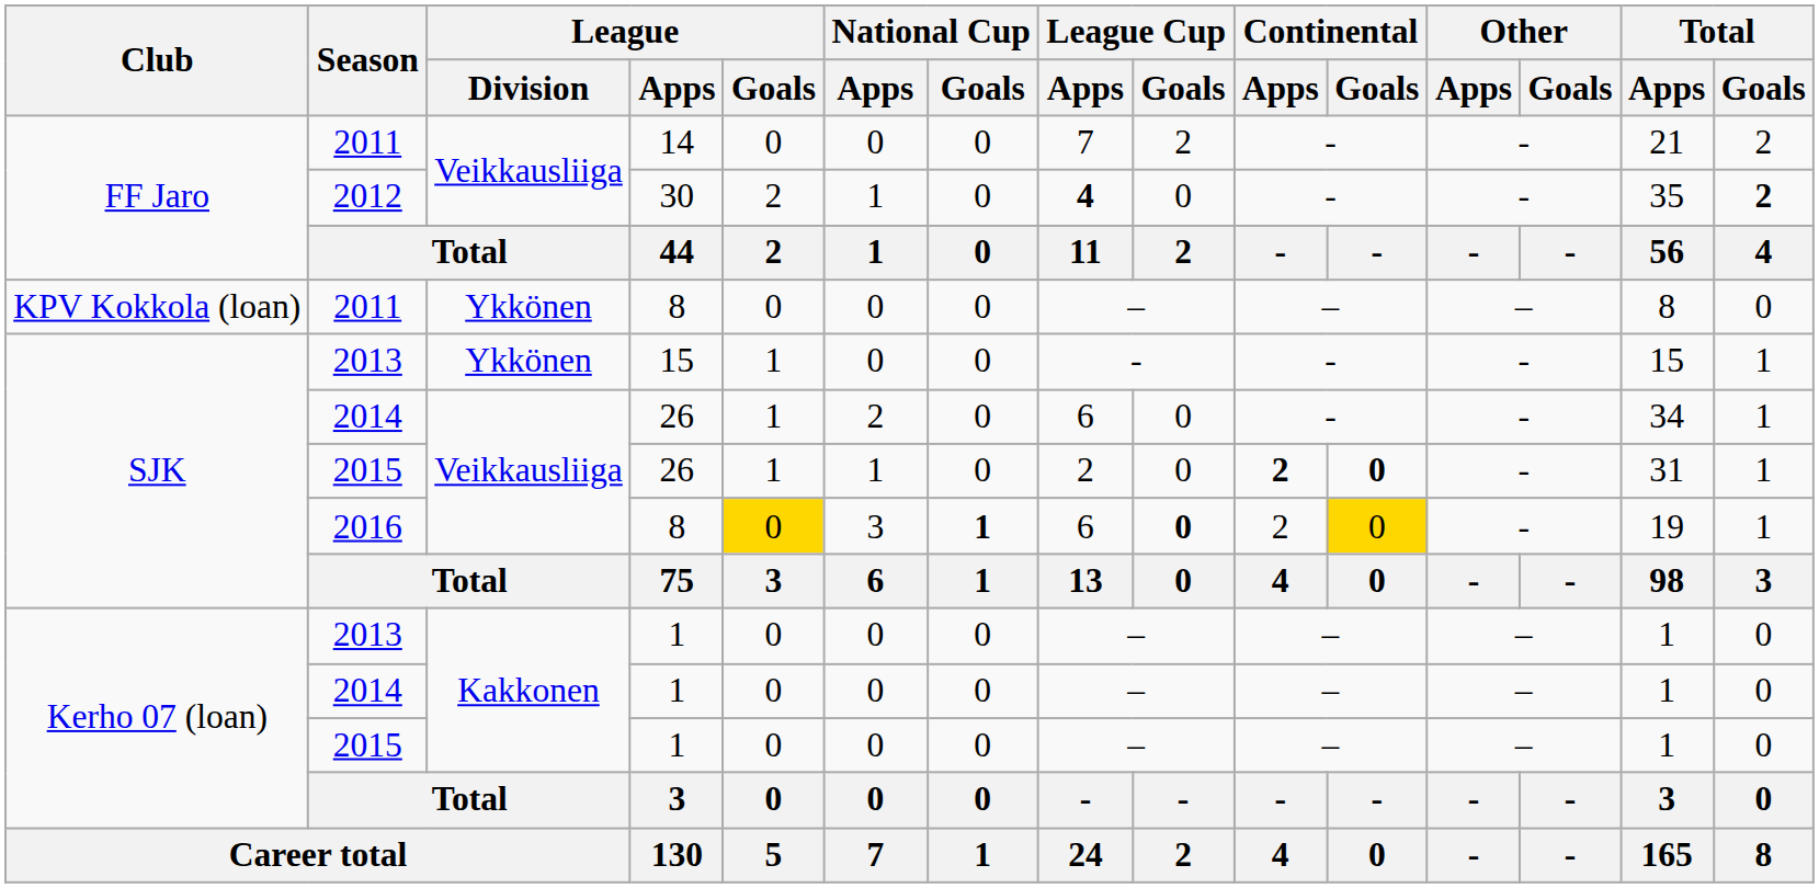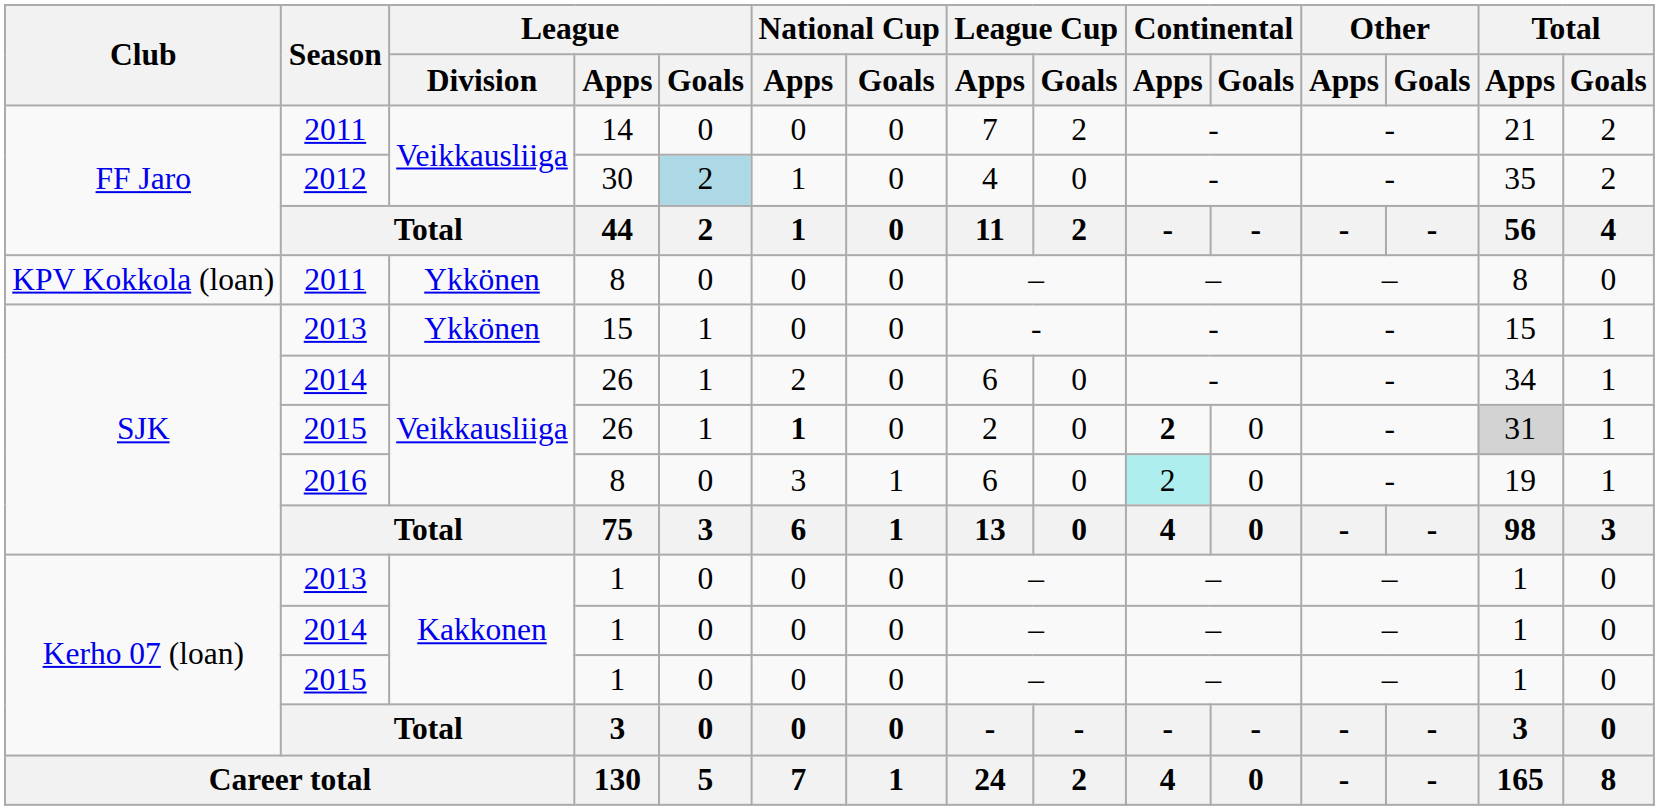 <table class="wikitable" style="text-align: center;">
 <tr>
 <th rowspan="2">Club</th>
 <th rowspan="2">Season</th>
 <th colspan="3">League</th>
 <th colspan="2">National Cup</th>
 <th colspan="2">League Cup</th>
 <th colspan="2">Continental</th>
 <th colspan="2">Other</th>
 <th colspan="2">Total</th>
 </tr>
 <tr>
 <th>Division</th>
 <th>Apps</th>
 <th>Goals</th>
 <th>Apps</th>
 <th>Goals</th>
 <th>Apps</th>
 <th>Goals</th>
 <th>Apps</th>
 <th>Goals</th>
 <th>Apps</th>
 <th>Goals</th>
 <th>Apps</th>
 <th>Goals</th>
 </tr>
 <tr>
 <td rowspan="3" valign="center"><a href='#'>FF Jaro</a></td>
 <td><a href='#'>2011</a></td>
 <td rowspan="2" valign="center"><a href='#'>Veikkausliiga</a></td>
 <td>14</td>
 <td>0</td>
 <td>0</td>
 <td>0</td>
 <td>7</td>
 <td>2</td>
 <td colspan="2">-</td>
 <td colspan="2">-</td>
 <td>21</td>
 <td>2</td>
 </tr>
 <tr>
 <td><a href='#'>2012</a></td>
 <td>30</td>
-<td>2</td>
+<td style="background: lightblue;">2</td>
 <td>1</td>
 <td>0</td>
-<td><strong>4</strong></td>
+<td>4</td>
 <td>0</td>
 <td colspan="2">-</td>
 <td colspan="2">-</td>
 <td>35</td>
-<td><strong>2</strong></td>
+<td>2</td>
 </tr>
 <tr>
 <th colspan="2">Total</th>
 <th>44</th>
 <th>2</th>
 <th>1</th>
 <th>0</th>
 <th>11</th>
 <th>2</th>
 <th>-</th>
 <th>-</th>
 <th>-</th>
 <th>-</th>
 <th>56</th>
 <th>4</th>
 </tr>
 <tr>
 <td valign="center"><a href='#'>KPV Kokkola</a> (loan)</td>
 <td><a href='#'>2011</a></td>
 <td><a href='#'>Ykkönen</a></td>
 <td>8</td>
 <td>0</td>
 <td>0</td>
 <td>0</td>
 <td colspan="2">–</td>
 <td colspan="2">–</td>
 <td colspan="2">–</td>
 <td>8</td>
 <td>0</td>
 </tr>
 <tr>
 <td rowspan="5" valign="center"><a href='#'>SJK</a></td>
 <td><a href='#'>2013</a></td>
 <td><a href='#'>Ykkönen</a></td>
 <td>15</td>
 <td>1</td>
 <td>0</td>
 <td>0</td>
 <td colspan="2">-</td>
 <td colspan="2">-</td>
 <td colspan="2">-</td>
 <td>15</td>
 <td>1</td>
 </tr>
 <tr>
 <td><a href='#'>2014</a></td>
 <td rowspan="3" valign="center"><a href='#'>Veikkausliiga</a></td>
 <td>26</td>
 <td>1</td>
 <td>2</td>
 <td>0</td>
 <td>6</td>
 <td>0</td>
 <td colspan="2">-</td>
 <td colspan="2">-</td>
 <td>34</td>
 <td>1</td>
 </tr>
 <tr>
 <td><a href='#'>2015</a></td>
 <td>26</td>
 <td>1</td>
-<td>1</td>
+<td><strong>1</strong></td>
 <td>0</td>
 <td>2</td>
 <td>0</td>
 <td><strong>2</strong></td>
-<td><strong>0</strong></td>
+<td>0</td>
 <td colspan="2">-</td>
-<td>31</td>
+<td style="background: lightgrey;">31</td>
 <td>1</td>
 </tr>
 <tr>
 <td><a href='#'>2016</a></td>
 <td>8</td>
-<td style="background: gold;">0</td>
+<td>0</td>
 <td>3</td>
-<td><strong>1</strong></td>
+<td>1</td>
 <td>6</td>
-<td><strong>0</strong></td>
-<td>2</td>
-<td style="background: gold;">0</td>
+<td>0</td>
+<td style="background: paleturquoise;">2</td>
+<td>0</td>
 <td colspan="2">-</td>
 <td>19</td>
 <td>1</td>
 </tr>
 <tr>
 <th colspan="2">Total</th>
 <th>75</th>
 <th>3</th>
 <th>6</th>
 <th>1</th>
 <th>13</th>
 <th>0</th>
 <th>4</th>
 <th>0</th>
 <th>-</th>
 <th>-</th>
 <th>98</th>
 <th>3</th>
 </tr>
 <tr>
 <td rowspan="4" valign="center"><a href='#'>Kerho 07</a> (loan)</td>
 <td><a href='#'>2013</a></td>
 <td rowspan="3" valign="center"><a href='#'>Kakkonen</a></td>
 <td>1</td>
 <td>0</td>
 <td>0</td>
 <td>0</td>
 <td colspan="2">–</td>
 <td colspan="2">–</td>
 <td colspan="2">–</td>
 <td>1</td>
 <td>0</td>
 </tr>
 <tr>
 <td><a href='#'>2014</a></td>
 <td>1</td>
 <td>0</td>
 <td>0</td>
 <td>0</td>
 <td colspan="2">–</td>
 <td colspan="2">–</td>
 <td colspan="2">–</td>
 <td>1</td>
 <td>0</td>
 </tr>
 <tr>
 <td><a href='#'>2015</a></td>
 <td>1</td>
 <td>0</td>
 <td>0</td>
 <td>0</td>
 <td colspan="2">–</td>
 <td colspan="2">–</td>
 <td colspan="2">–</td>
 <td>1</td>
 <td>0</td>
 </tr>
 <tr>
 <th colspan="2">Total</th>
 <th>3</th>
 <th>0</th>
 <th>0</th>
 <th>0</th>
 <th>-</th>
 <th>-</th>
 <th>-</th>
 <th>-</th>
 <th>-</th>
 <th>-</th>
 <th>3</th>
 <th>0</th>
 </tr>
 <tr>
 <th colspan="3">Career total</th>
 <th>130</th>
 <th>5</th>
 <th>7</th>
 <th>1</th>
 <th>24</th>
 <th>2</th>
 <th>4</th>
 <th>0</th>
 <th>-</th>
 <th>-</th>
 <th>165</th>
 <th>8</th>
 </tr>
 </table>
